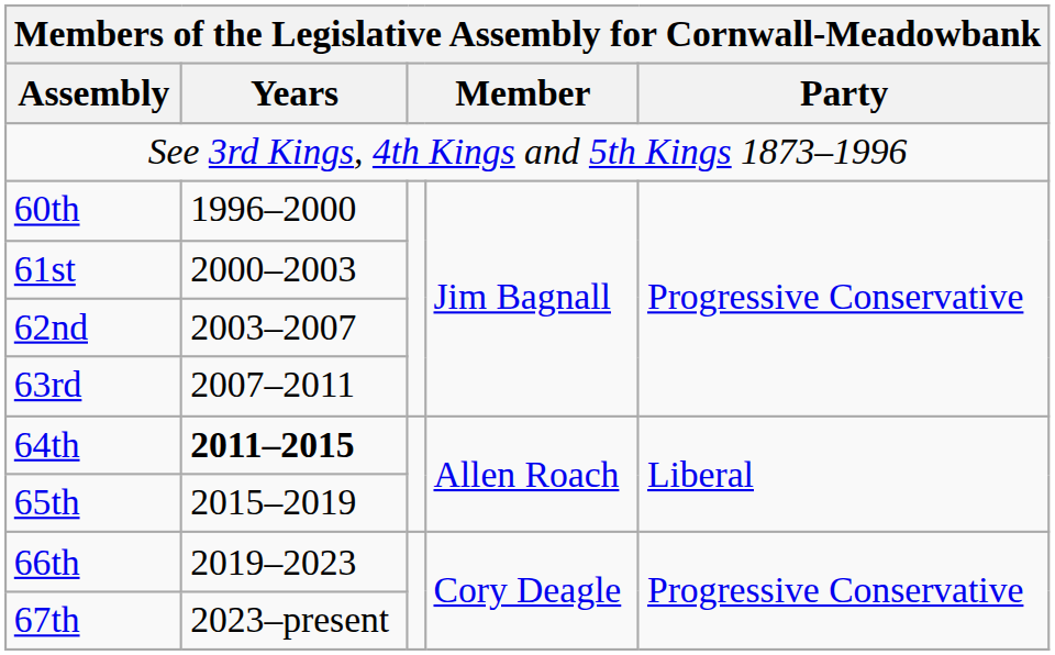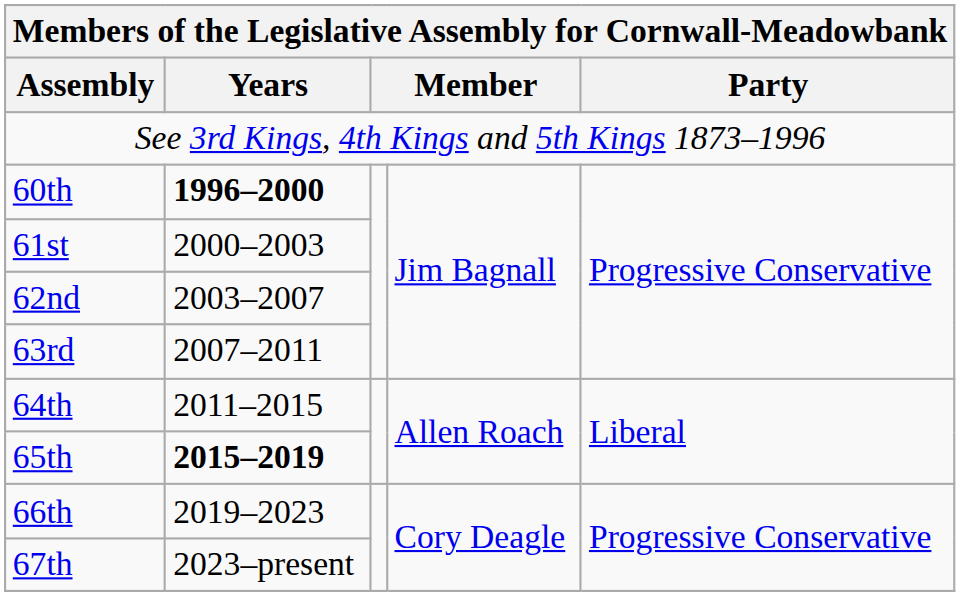 <table class="wikitable" align=centre>
 <tr>
 <th colspan=5>Members of the Legislative Assembly for Cornwall-Meadowbank</th>
 </tr>
 <tr>
 <th>Assembly</th>
 <th>Years</th>
 <th colspan="2">Member</th>
 <th>Party</th>
 </tr>
 <tr>
 <td align="center" colspan=5><em>See <a href='#'>3rd Kings</a>, <a href='#'>4th Kings</a> and <a href='#'>5th Kings</a> 1873–1996</em></td>
 </tr>
 <tr>
 <td><a href='#'>60th</a></td>
-<td>1996–2000</td>
+<td><strong>1996–2000</strong></td>
 <td rowspan=4 ></td>
 <td rowspan=4><a href='#'>Jim Bagnall</a></td>
 <td rowspan=4><a href='#'>Progressive Conservative</a></td>
 </tr>
 <tr>
 <td><a href='#'>61st</a></td>
 <td>2000–2003</td>
 </tr>
 <tr>
 <td><a href='#'>62nd</a></td>
 <td>2003–2007</td>
 </tr>
 <tr>
 <td><a href='#'>63rd</a></td>
 <td>2007–2011</td>
 </tr>
 <tr>
 <td><a href='#'>64th</a></td>
-<td><strong>2011–2015</strong></td>
+<td>2011–2015</td>
 <td rowspan=2 ></td>
 <td rowspan=2><a href='#'>Allen Roach</a></td>
 <td rowspan=2><a href='#'>Liberal</a></td>
 </tr>
 <tr>
 <td><a href='#'>65th</a></td>
-<td>2015–2019</td>
+<td><strong>2015–2019</strong></td>
 </tr>
 <tr>
 <td><a href='#'>66th</a></td>
 <td>2019–2023</td>
 <td rowspan=2 ></td>
 <td rowspan=2><a href='#'>Cory Deagle</a></td>
 <td rowspan=2><a href='#'>Progressive Conservative</a></td>
 </tr>
 <tr>
 <td><a href='#'>67th</a></td>
 <td>2023–present</td>
 </tr>
 </table>
